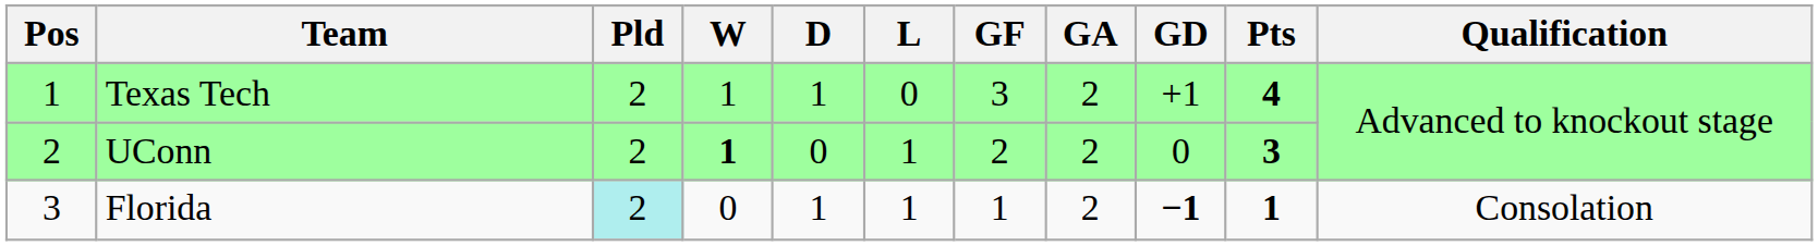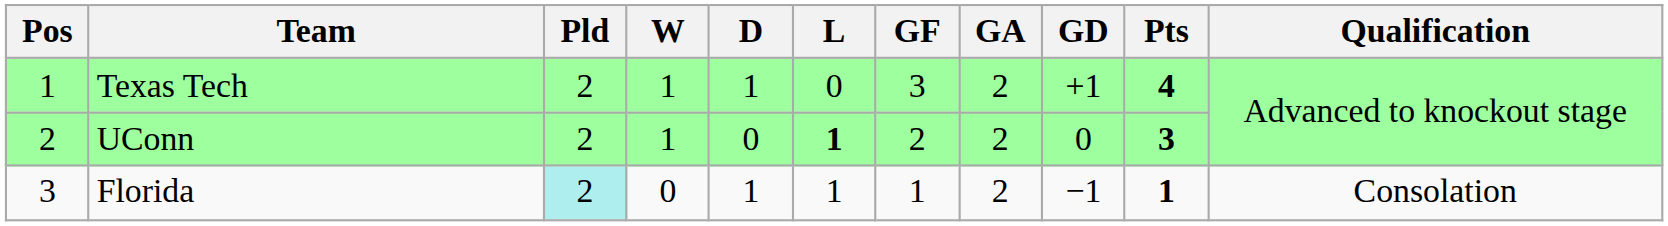 <table class="wikitable" style="text-align:center; margin: 1em auto">
 <tr>
 <th style="width:2em">Pos</th>
 <th style="width:13em">Team</th>
 <th style="width:2em">Pld</th>
 <th style="width:2em">W</th>
 <th style="width:2em">D</th>
 <th style="width:2em">L</th>
 <th style="width:2em">GF</th>
 <th style="width:2em">GA</th>
 <th style="width:2em">GD</th>
 <th style="width:2em">Pts</th>
 <th style="width:13em">Qualification</th>
 </tr>
 <tr bgcolor="#9eff9e">
 <td>1</td>
 <td style="text-align:left">Texas Tech</td>
 <td>2</td>
 <td>1</td>
 <td>1</td>
 <td>0</td>
 <td>3</td>
 <td>2</td>
 <td>+1</td>
 <td><strong>4</strong></td>
 <td rowspan="2">Advanced to knockout stage</td>
 </tr>
 <tr bgcolor="#9eff9e">
 <td>2</td>
 <td style="text-align:left">UConn</td>
 <td>2</td>
+<td>1</td>
+<td>0</td>
 <td><strong>1</strong></td>
-<td>0</td>
-<td>1</td>
 <td>2</td>
 <td>2</td>
 <td>0</td>
 <td><strong>3</strong></td>
 </tr>
 <tr>
 <td>3</td>
 <td style="text-align:left">Florida</td>
 <td style="background: paleturquoise;">2</td>
 <td>0</td>
 <td>1</td>
 <td>1</td>
 <td>1</td>
 <td>2</td>
-<td><strong>−1</strong></td>
+<td>−1</td>
 <td><strong>1</strong></td>
 <td>Consolation</td>
 </tr>
 </table>
